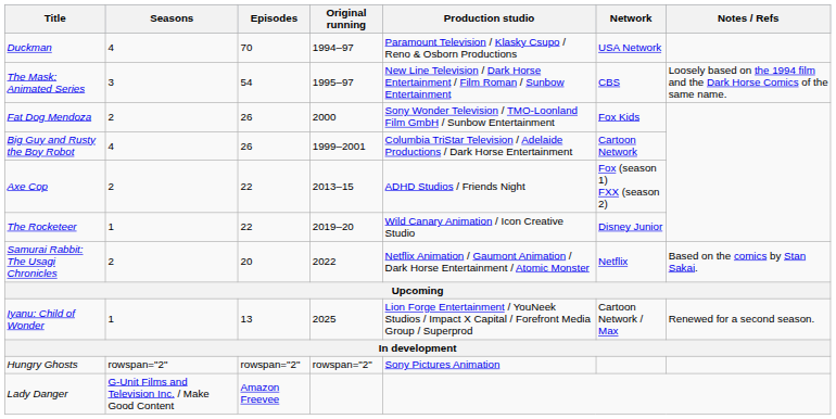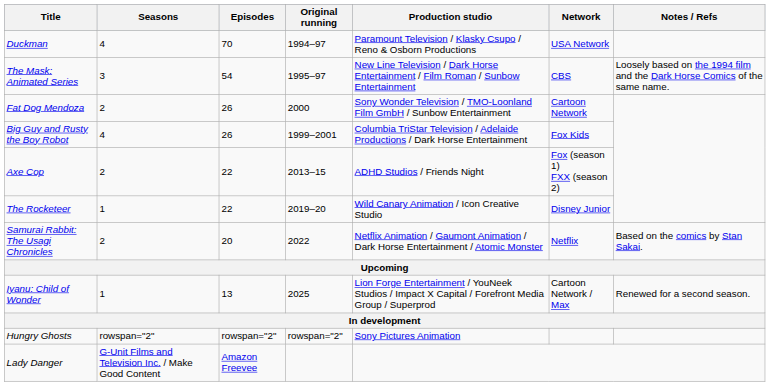 <table class="wikitable sortable">
 <tr style="background:#b0c4de;">
 <th>Title</th>
 <th>Seasons</th>
 <th>Episodes</th>
 <th>Original running</th>
 <th>Production studio</th>
 <th>Network</th>
 <th>Notes / Refs</th>
 </tr>
 <tr>
 <td><em><a href='#'>Duckman</a></em></td>
 <td>4</td>
 <td>70</td>
 <td>1994–97</td>
 <td><a href='#'>Paramount Television</a> / <a href='#'>Klasky Csupo</a> / Reno & Osborn Productions</td>
 <td><a href='#'>USA Network</a></td>
 <td></td>
 </tr>
 <tr>
 <td><em><a href='#'>The Mask: Animated Series</a></em></td>
 <td>3</td>
 <td>54</td>
 <td>1995–97</td>
 <td><a href='#'>New Line Television</a> / <a href='#'>Dark Horse Entertainment</a> / <a href='#'>Film Roman</a> / <a href='#'>Sunbow Entertainment</a></td>
 <td><a href='#'>CBS</a></td>
 <td>Loosely based on <a href='#'>the 1994 film</a> and the <a href='#'>Dark Horse Comics</a> of the same name.</td>
 </tr>
 <tr>
 <td><em><a href='#'>Fat Dog Mendoza</a></em></td>
 <td>2</td>
 <td>26</td>
 <td>2000</td>
 <td><a href='#'>Sony Wonder Television</a> / <a href='#'>TMO-Loonland Film GmbH</a> / Sunbow Entertainment</td>
-<td><a href='#'>Fox Kids</a></td>
+<td><a href='#'>Cartoon Network</a></td>
 <td rowspan="4"></td>
 </tr>
 <tr>
 <td><em><a href='#'>Big Guy and Rusty the Boy Robot</a></em></td>
 <td>4</td>
 <td>26</td>
 <td>1999–2001</td>
 <td><a href='#'>Columbia TriStar Television</a> / <a href='#'>Adelaide Productions</a> / Dark Horse Entertainment</td>
-<td><a href='#'>Cartoon Network</a></td>
+<td><a href='#'>Fox Kids</a></td>
 </tr>
 <tr>
 <td><em><a href='#'>Axe Cop</a></em></td>
 <td>2</td>
 <td>22</td>
 <td>2013–15</td>
 <td><a href='#'>ADHD Studios</a> / Friends Night</td>
 <td><a href='#'>Fox</a> (season 1)<br><a href='#'>FXX</a> (season 2)</td>
 </tr>
 <tr>
 <td><em><a href='#'>The Rocketeer</a></em></td>
 <td>1</td>
 <td>22</td>
 <td>2019–20</td>
 <td><a href='#'>Wild Canary Animation</a> / Icon Creative Studio</td>
 <td><a href='#'>Disney Junior</a></td>
 </tr>
 <tr>
 <td><em><a href='#'>Samurai Rabbit: The Usagi Chronicles</a></em></td>
 <td>2</td>
 <td>20</td>
 <td>2022</td>
 <td><a href='#'>Netflix Animation</a> / <a href='#'>Gaumont Animation</a> / Dark Horse Entertainment / <a href='#'>Atomic Monster</a></td>
 <td><a href='#'>Netflix</a></td>
 <td>Based on the <a href='#'>comics</a> by <a href='#'>Stan Sakai</a>.</td>
 </tr>
 <tr>
 <th colspan="7" style="background-color:#white;">Upcoming</th>
 </tr>
 <tr>
 <td><em><a href='#'>Iyanu: Child of Wonder</a></em></td>
 <td>1</td>
 <td>13</td>
 <td>2025</td>
 <td><a href='#'>Lion Forge Entertainment</a> / YouNeek Studios / Impact X Capital / Forefront Media Group / Superprod</td>
 <td>Cartoon Network / <a href='#'>Max</a></td>
 <td>Renewed for a second season.</td>
 </tr>
 <tr>
 <th colspan="7" style="background-color:#white;">In development</th>
 </tr>
 <tr>
 <td><em>Hungry Ghosts</em></td>
 <td>rowspan="2" </td>
 <td>rowspan="2" </td>
 <td>rowspan="2" </td>
 <td><a href='#'>Sony Pictures Animation</a></td>
 <td></td>
 <td></td>
 </tr>
 <tr>
 <td><em>Lady Danger</em></td>
 <td><a href='#'>G-Unit Films and Television Inc.</a> / Make Good Content</td>
 <td><a href='#'>Amazon Freevee</a></td>
 <td></td>
 </tr>
 </table>
